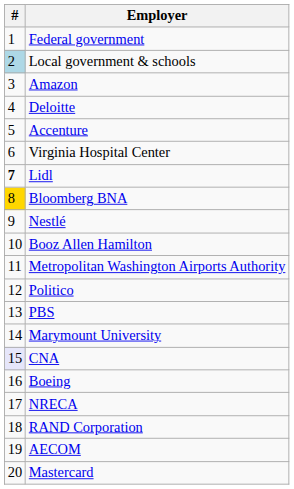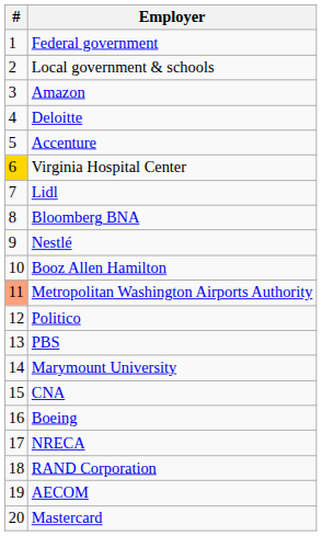 <table class="wikitable">
 <tr>
 <th>#</th>
 <th>Employer</th>
 </tr>
 <tr>
 <td>1</td>
 <td><a href='#'>Federal government</a></td>
 </tr>
 <tr>
-<td style="background: lightblue;">2</td>
+<td>2</td>
 <td>Local government & schools</td>
 </tr>
 <tr>
 <td>3</td>
 <td><a href='#'>Amazon</a></td>
 </tr>
 <tr>
 <td>4</td>
 <td><a href='#'>Deloitte</a></td>
 </tr>
 <tr>
 <td>5</td>
 <td><a href='#'>Accenture</a></td>
 </tr>
 <tr>
-<td>6</td>
+<td style="background: gold;">6</td>
 <td>Virginia Hospital Center</td>
 </tr>
 <tr>
-<td><strong>7</strong></td>
+<td>7</td>
 <td><a href='#'>Lidl</a></td>
 </tr>
 <tr>
-<td style="background: gold;">8</td>
+<td>8</td>
 <td><a href='#'>Bloomberg BNA</a></td>
 </tr>
 <tr>
 <td>9</td>
 <td><a href='#'>Nestlé</a></td>
 </tr>
 <tr>
 <td>10</td>
 <td><a href='#'>Booz Allen Hamilton</a></td>
 </tr>
 <tr>
-<td>11</td>
+<td style="background: lightsalmon;">11</td>
 <td><a href='#'>Metropolitan Washington Airports Authority</a></td>
 </tr>
 <tr>
 <td>12</td>
 <td><a href='#'>Politico</a></td>
 </tr>
 <tr>
 <td>13</td>
 <td><a href='#'>PBS</a></td>
 </tr>
 <tr>
 <td>14</td>
 <td><a href='#'>Marymount University</a></td>
 </tr>
 <tr>
-<td style="background: lavender;">15</td>
+<td>15</td>
 <td><a href='#'>CNA</a></td>
 </tr>
 <tr>
 <td>16</td>
 <td><a href='#'>Boeing</a></td>
 </tr>
 <tr>
 <td>17</td>
 <td><a href='#'>NRECA</a></td>
 </tr>
 <tr>
 <td>18</td>
 <td><a href='#'>RAND Corporation</a></td>
 </tr>
 <tr>
 <td>19</td>
 <td><a href='#'>AECOM</a></td>
 </tr>
 <tr>
 <td>20</td>
 <td><a href='#'>Mastercard</a></td>
 </tr>
 </table>
